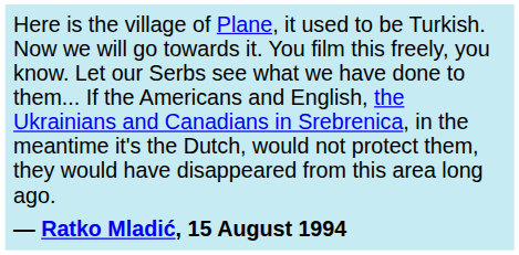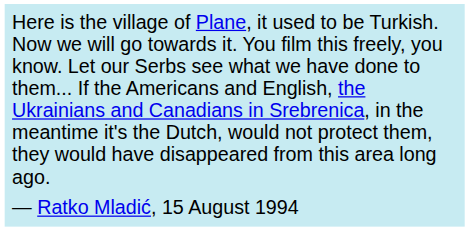 <table class="toccolours" style="float: left; margin-left: 1em; margin-right: 2em; font-size: 100%; background:#c7ebf2; color:black; width:25em; max-width: 60%;" cellspacing="5">
 <tr>
 <td style="text-align: left;">Here is the village of <a href='#'>Plane</a>, it used to be Turkish. Now we will go towards it. You film this freely, you know. Let our Serbs see what we have done to them... If the Americans and English, <a href='#'>the Ukrainians and Canadians in Srebrenica</a>, in the meantime it's the Dutch, would not protect them, they would have disappeared from this area long ago.</td>
 </tr>
 <tr>
-<td style="text-align: left;"><strong>— <a href='#'>Ratko Mladić</a>, 15 August 1994</strong></td>
+<td style="text-align: left;">— <a href='#'>Ratko Mladić</a>, 15 August 1994</td>
 </tr>
 </table>
